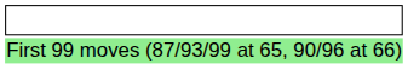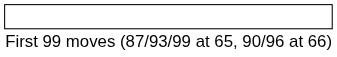 <table style="display:inline; display:inline-table;">
 <tr>
 <td style="border: solid thin; padding: 2px;"><br></td>
 </tr>
 <tr>
-<td style="background: lightgreen; text-align:center">First 99 moves (87/93/99 at 65, 90/96 at 66)</td>
+<td style="text-align:center">First 99 moves (87/93/99 at 65, 90/96 at 66)</td>
 </tr>
 </table>
